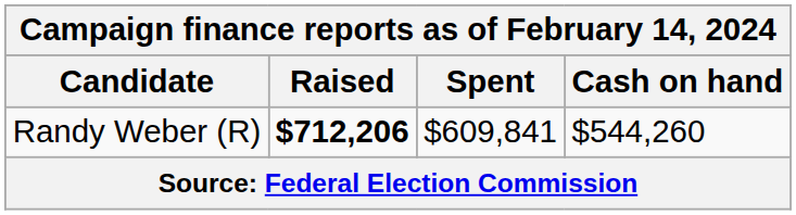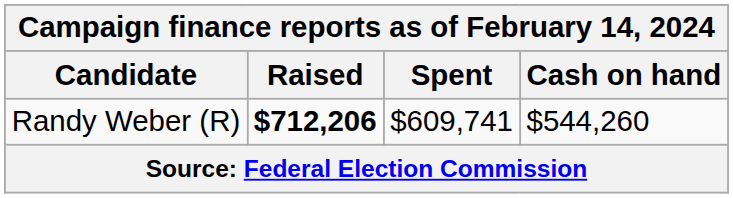 <table class="wikitable sortable">
 <tr>
 <th colspan=4>Campaign finance reports as of February 14, 2024</th>
 </tr>
 <tr style="text-align:center;">
 <th>Candidate</th>
 <th>Raised</th>
 <th>Spent</th>
 <th>Cash on hand</th>
 </tr>
 <tr>
 <td style="background-color:">Randy Weber (R)</td>
 <td><strong>$712,206</strong></td>
-<td>$609,841</td>
+<td>$609,741</td>
 <td>$544,260</td>
 </tr>
 <tr>
 <th colspan="4"><small>Source: <a href='#'>Federal Election Commission</a></small></th>
 </tr>
 </table>
